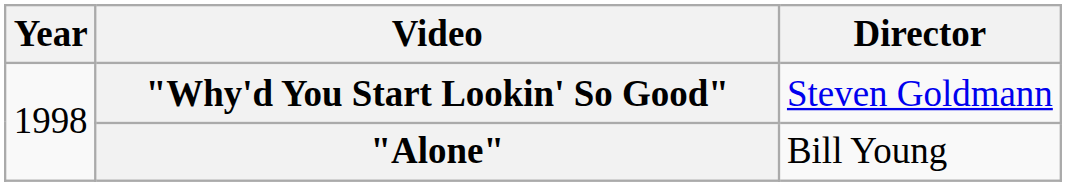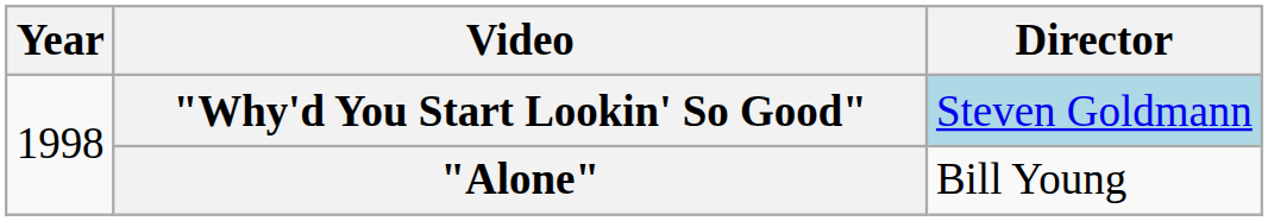 <table class="wikitable plainrowheaders">
 <tr>
 <th>Year</th>
 <th style="width:18em;">Video</th>
 <th>Director</th>
 </tr>
 <tr>
 <td rowspan="2">1998</td>
 <th scope="row">"Why'd You Start Lookin' So Good"</th>
-<td><a href='#'>Steven Goldmann</a></td>
+<td style="background: lightblue;"><a href='#'>Steven Goldmann</a></td>
 </tr>
 <tr>
 <th scope="row">"Alone"</th>
 <td>Bill Young</td>
 </tr>
 </table>
